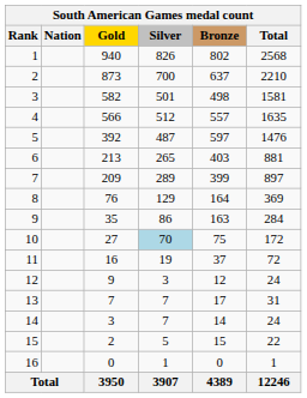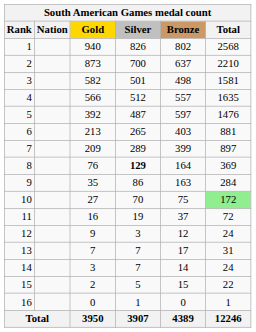 <table class="wikitable" style="text-align:center">
 <tr>
 <th colspan=6>South American Games medal count</th>
 </tr>
 <tr>
 <th>Rank</th>
 <th>Nation</th>
 <th style="background-color:gold" width=60>Gold</th>
 <th style="background-color:silver" width=60>Silver</th>
 <th style="background-color:#CC9966" width=60>Bronze</th>
 <th width=60>Total</th>
 </tr>
 <tr>
 <td align=right>1</td>
 <td align=left></td>
 <td>940</td>
 <td>826</td>
 <td>802</td>
 <td>2568</td>
 </tr>
 <tr>
 <td align=right>2</td>
 <td align=left></td>
 <td>873</td>
 <td>700</td>
 <td>637</td>
 <td>2210</td>
 </tr>
 <tr>
 <td align=right>3</td>
 <td align=left></td>
 <td>582</td>
 <td>501</td>
 <td>498</td>
 <td>1581</td>
 </tr>
 <tr>
 <td align=right>4</td>
 <td align=left></td>
 <td>566</td>
 <td>512</td>
 <td>557</td>
 <td>1635</td>
 </tr>
 <tr>
 <td align=right>5</td>
 <td align=left></td>
 <td>392</td>
 <td>487</td>
 <td>597</td>
 <td>1476</td>
 </tr>
 <tr>
 <td align=right>6</td>
 <td align=left></td>
 <td>213</td>
 <td>265</td>
 <td>403</td>
 <td>881</td>
 </tr>
 <tr>
 <td align=right>7</td>
 <td align=left></td>
 <td>209</td>
 <td>289</td>
 <td>399</td>
 <td>897</td>
 </tr>
 <tr>
 <td align=right>8</td>
 <td align=left></td>
 <td>76</td>
-<td>129</td>
+<td><strong>129</strong></td>
 <td>164</td>
 <td>369</td>
 </tr>
 <tr>
 <td align=right>9</td>
 <td align=left></td>
 <td>35</td>
 <td>86</td>
 <td>163</td>
 <td>284</td>
 </tr>
 <tr>
 <td align=right>10</td>
 <td align=left></td>
 <td>27</td>
-<td style="background: lightblue;">70</td>
+<td>70</td>
 <td>75</td>
-<td>172</td>
+<td style="background: lightgreen;">172</td>
 </tr>
 <tr>
 <td align=right>11</td>
 <td align=left></td>
 <td>16</td>
 <td>19</td>
 <td>37</td>
 <td>72</td>
 </tr>
 <tr>
 <td align=right>12</td>
 <td align=left></td>
 <td>9</td>
 <td>3</td>
 <td>12</td>
 <td>24</td>
 </tr>
 <tr>
 <td align=right>13</td>
 <td align=left></td>
 <td>7</td>
 <td>7</td>
 <td>17</td>
 <td>31</td>
 </tr>
 <tr>
 <td align=right>14</td>
 <td align="left"></td>
 <td>3</td>
 <td>7</td>
 <td>14</td>
 <td>24</td>
 </tr>
 <tr>
 <td align=right>15</td>
 <td align="left"></td>
 <td>2</td>
 <td>5</td>
 <td>15</td>
 <td>22</td>
 </tr>
 <tr>
 <td align=right>16</td>
 <td align="left"></td>
 <td>0</td>
 <td>1</td>
 <td>0</td>
 <td>1</td>
 </tr>
 <tr>
 <th colspan="2">Total</th>
 <th>3950</th>
 <th>3907</th>
 <th>4389</th>
 <th>12246</th>
 </tr>
 </table>
